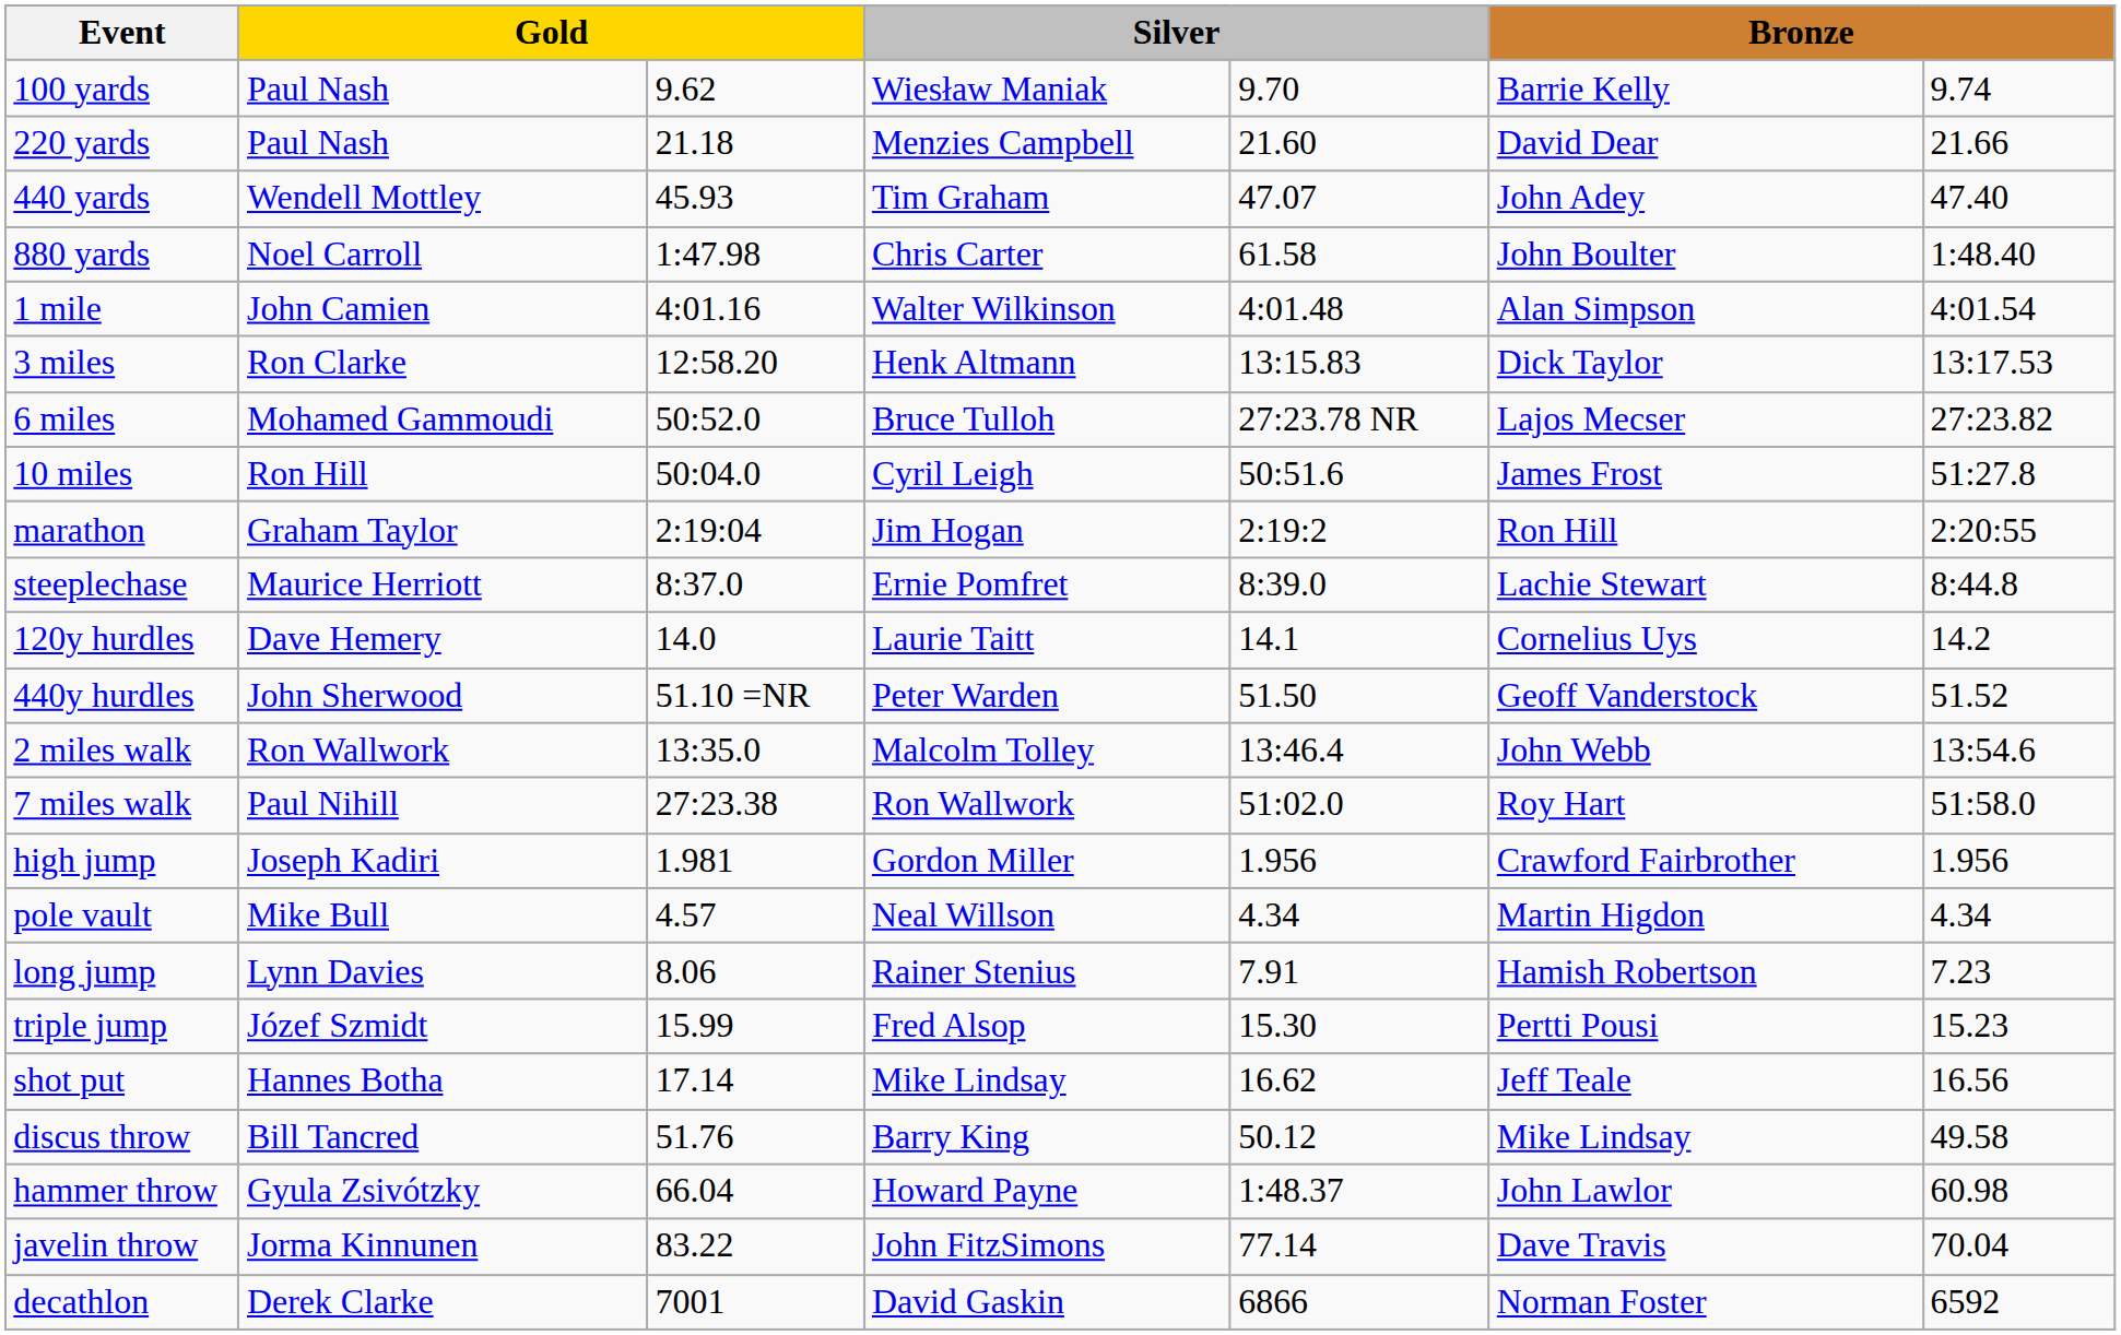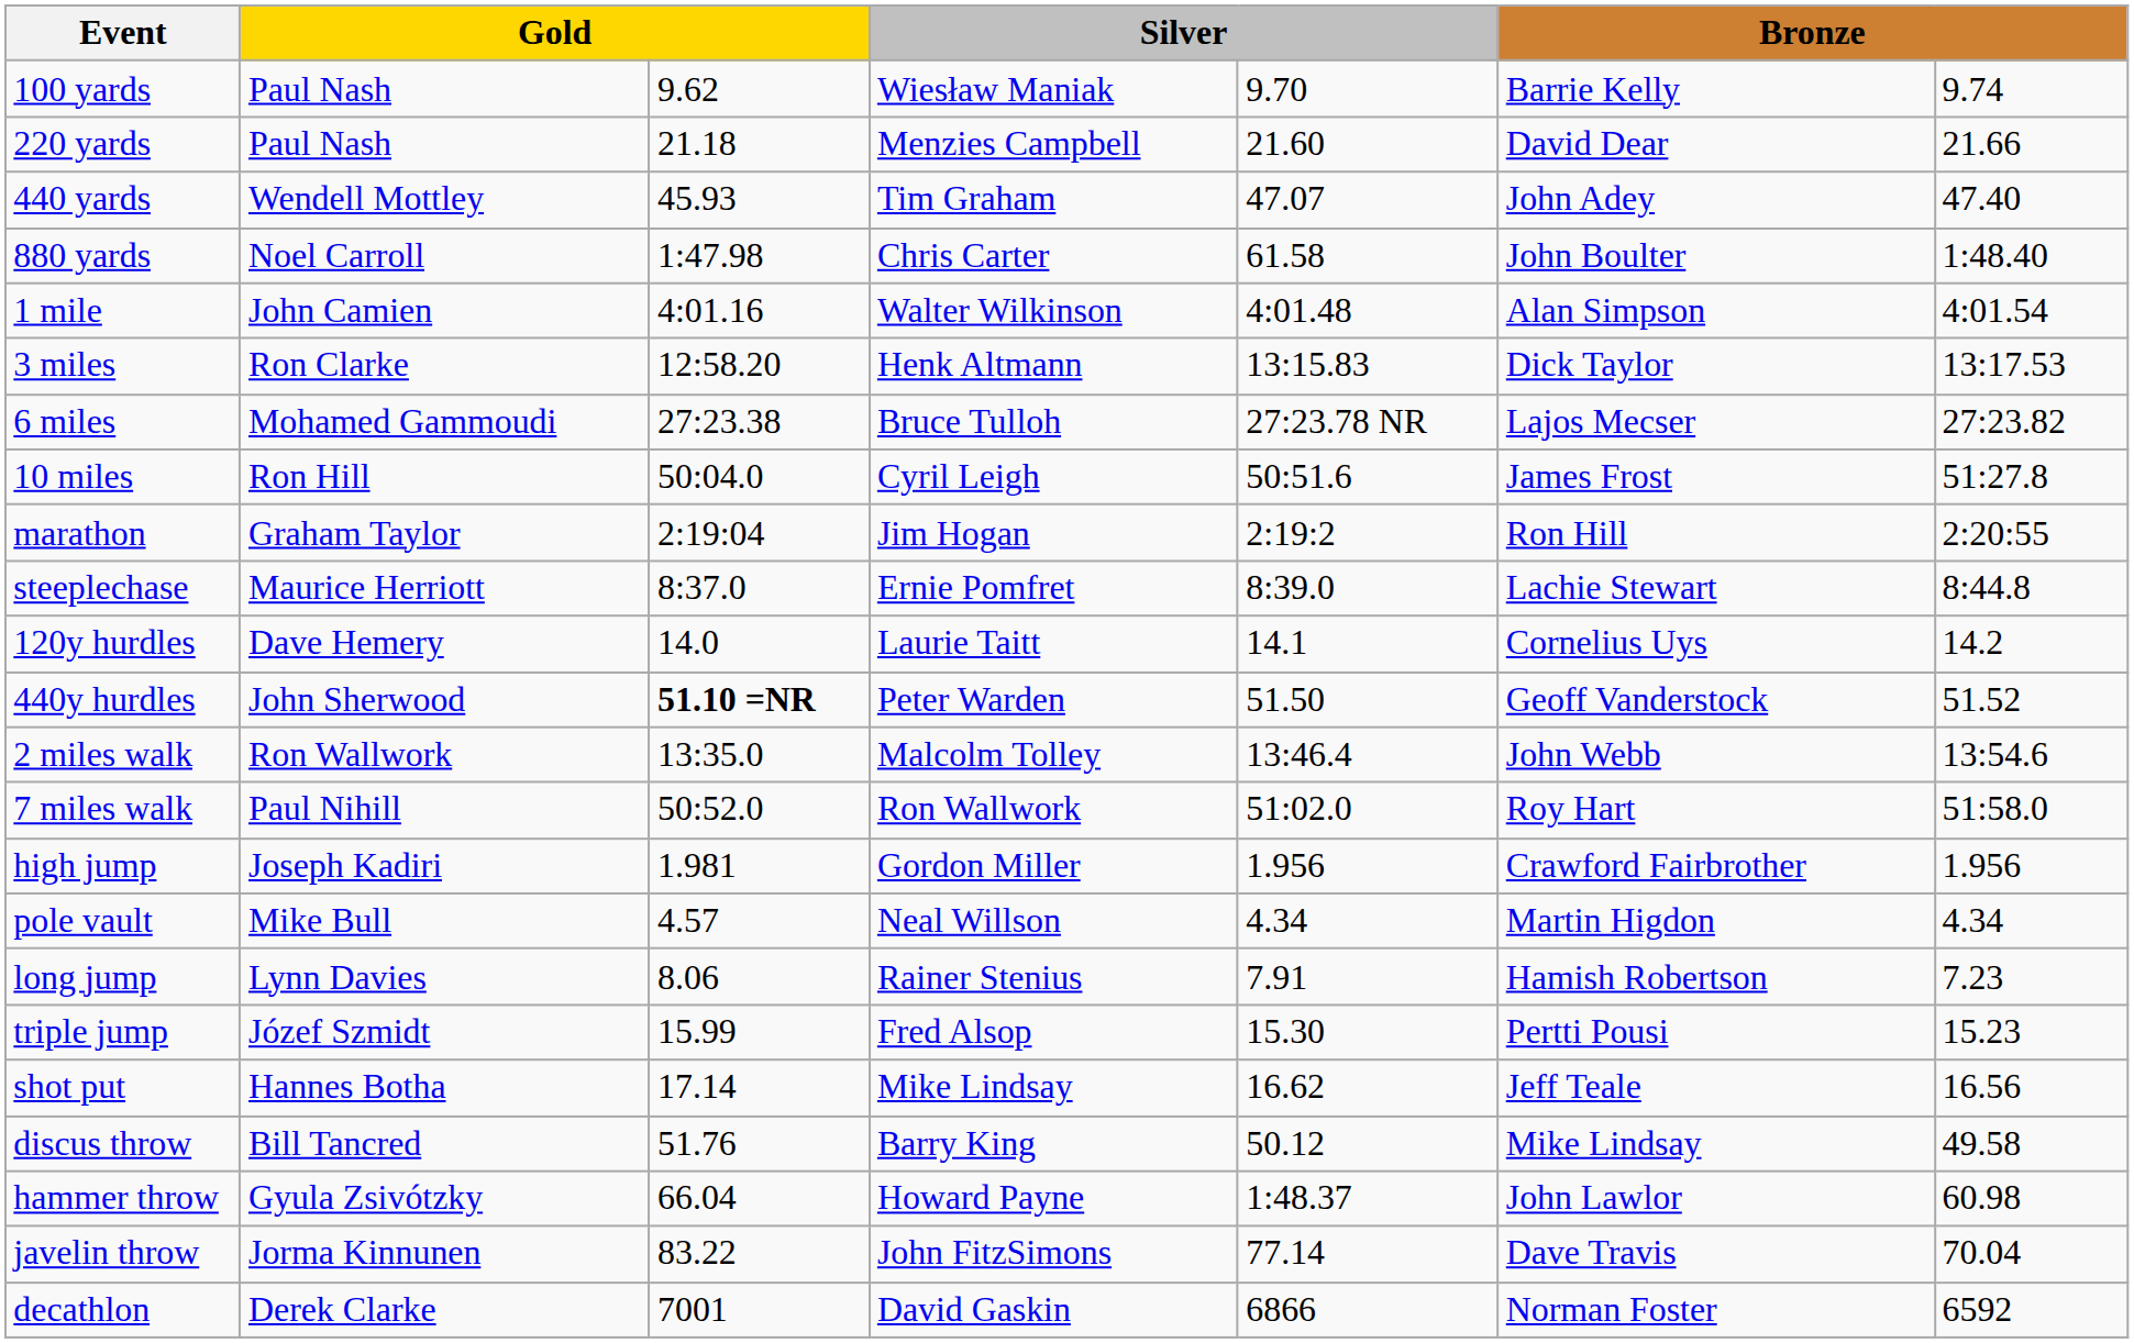 <table class="wikitable" style="text-align:left">
 <tr>
 <th width=100>Event</th>
 <th colspan="2" width="280" style="background:gold;">Gold</th>
 <th colspan="2" width="280" style="background:silver;">Silver</th>
 <th colspan="2" width="280" style="background:#CD7F32;">Bronze</th>
 </tr>
 <tr>
 <td><a href='#'>100 yards</a></td>
 <td> <a href='#'>Paul Nash</a></td>
 <td>9.62</td>
 <td> <a href='#'>Wiesław Maniak</a></td>
 <td>9.70</td>
 <td><a href='#'>Barrie Kelly</a></td>
 <td>9.74</td>
 </tr>
 <tr>
 <td><a href='#'>220 yards</a></td>
 <td> <a href='#'>Paul Nash</a></td>
 <td>21.18</td>
 <td> <a href='#'>Menzies Campbell</a></td>
 <td>21.60</td>
 <td><a href='#'>David Dear</a></td>
 <td>21.66</td>
 </tr>
 <tr>
 <td><a href='#'>440 yards</a></td>
 <td> <a href='#'>Wendell Mottley</a></td>
 <td>45.93</td>
 <td><a href='#'>Tim Graham</a></td>
 <td>47.07</td>
 <td><a href='#'>John Adey</a></td>
 <td>47.40</td>
 </tr>
 <tr>
 <td><a href='#'>880 yards</a></td>
 <td> <a href='#'>Noel Carroll</a></td>
 <td>1:47.98</td>
 <td><a href='#'>Chris Carter</a></td>
 <td>61.58</td>
 <td><a href='#'>John Boulter</a></td>
 <td>1:48.40</td>
 </tr>
 <tr>
 <td><a href='#'>1 mile</a></td>
 <td> <a href='#'>John Camien</a></td>
 <td>4:01.16</td>
 <td><a href='#'>Walter Wilkinson</a></td>
 <td>4:01.48</td>
 <td><a href='#'>Alan Simpson</a></td>
 <td>4:01.54</td>
 </tr>
 <tr>
 <td><a href='#'>3 miles</a></td>
 <td> <a href='#'>Ron Clarke</a></td>
 <td>12:58.20</td>
 <td> <a href='#'>Henk Altmann</a></td>
 <td>13:15.83</td>
 <td><a href='#'>Dick Taylor</a></td>
 <td>13:17.53</td>
 </tr>
 <tr>
 <td><a href='#'>6 miles</a></td>
 <td> <a href='#'>Mohamed Gammoudi</a></td>
-<td>50:52.0</td>
+<td>27:23.38</td>
 <td><a href='#'>Bruce Tulloh</a></td>
 <td>27:23.78 NR</td>
 <td> <a href='#'>Lajos Mecser</a></td>
 <td>27:23.82</td>
 </tr>
 <tr>
 <td><a href='#'>10 miles</a></td>
 <td><a href='#'>Ron Hill</a></td>
 <td>50:04.0</td>
 <td><a href='#'>Cyril Leigh</a></td>
 <td>50:51.6</td>
 <td><a href='#'>James Frost</a></td>
 <td>51:27.8</td>
 </tr>
 <tr>
 <td><a href='#'>marathon</a></td>
 <td><a href='#'>Graham Taylor</a></td>
 <td>2:19:04</td>
 <td><a href='#'>Jim Hogan</a></td>
 <td>2:19:2</td>
 <td><a href='#'>Ron Hill</a></td>
 <td>2:20:55</td>
 </tr>
 <tr>
 <td><a href='#'>steeplechase</a></td>
 <td><a href='#'>Maurice Herriott</a></td>
 <td>8:37.0</td>
 <td><a href='#'>Ernie Pomfret</a></td>
 <td>8:39.0</td>
 <td> <a href='#'>Lachie Stewart</a></td>
 <td>8:44.8</td>
 </tr>
 <tr>
 <td><a href='#'>120y hurdles</a></td>
 <td><a href='#'>Dave Hemery</a></td>
 <td>14.0</td>
 <td><a href='#'>Laurie Taitt</a></td>
 <td>14.1</td>
 <td> <a href='#'>Cornelius Uys</a></td>
 <td>14.2</td>
 </tr>
 <tr>
 <td><a href='#'>440y hurdles</a></td>
 <td><a href='#'>John Sherwood</a></td>
-<td>51.10 =NR</td>
+<td><strong>51.10 =NR</strong></td>
 <td><a href='#'>Peter Warden</a></td>
 <td>51.50</td>
 <td> <a href='#'>Geoff Vanderstock</a></td>
 <td>51.52</td>
 </tr>
 <tr>
 <td><a href='#'>2 miles walk</a></td>
 <td><a href='#'>Ron Wallwork</a></td>
 <td>13:35.0</td>
 <td><a href='#'>Malcolm Tolley</a></td>
 <td>13:46.4</td>
 <td><a href='#'>John Webb</a></td>
 <td>13:54.6</td>
 </tr>
 <tr>
 <td><a href='#'>7 miles walk</a></td>
 <td><a href='#'>Paul Nihill</a></td>
-<td>27:23.38</td>
+<td>50:52.0</td>
 <td><a href='#'>Ron Wallwork</a></td>
 <td>51:02.0</td>
 <td><a href='#'>Roy Hart</a></td>
 <td>51:58.0</td>
 </tr>
 <tr>
 <td><a href='#'>high jump</a></td>
 <td> <a href='#'>Joseph Kadiri</a></td>
 <td>1.981</td>
 <td><a href='#'>Gordon Miller</a></td>
 <td>1.956</td>
 <td> <a href='#'>Crawford Fairbrother</a></td>
 <td>1.956</td>
 </tr>
 <tr>
 <td><a href='#'>pole vault</a></td>
 <td> <a href='#'>Mike Bull</a></td>
 <td>4.57</td>
 <td><a href='#'>Neal Willson</a></td>
 <td>4.34</td>
 <td><a href='#'>Martin Higdon</a></td>
 <td>4.34</td>
 </tr>
 <tr>
 <td><a href='#'>long jump</a></td>
 <td> <a href='#'>Lynn Davies</a></td>
 <td>8.06</td>
 <td> <a href='#'>Rainer Stenius</a></td>
 <td>7.91</td>
 <td> <a href='#'>Hamish Robertson</a></td>
 <td>7.23</td>
 </tr>
 <tr>
 <td><a href='#'>triple jump</a></td>
 <td> <a href='#'>Józef Szmidt</a></td>
 <td>15.99</td>
 <td><a href='#'>Fred Alsop</a></td>
 <td>15.30</td>
 <td> <a href='#'>Pertti Pousi</a></td>
 <td>15.23</td>
 </tr>
 <tr>
 <td><a href='#'>shot put</a></td>
 <td> <a href='#'>Hannes Botha</a></td>
 <td>17.14</td>
 <td> <a href='#'>Mike Lindsay</a></td>
 <td>16.62</td>
 <td><a href='#'>Jeff Teale</a></td>
 <td>16.56</td>
 </tr>
 <tr>
 <td><a href='#'>discus throw</a></td>
 <td><a href='#'>Bill Tancred</a></td>
 <td>51.76</td>
 <td><a href='#'>Barry King</a></td>
 <td>50.12</td>
 <td> <a href='#'>Mike Lindsay</a></td>
 <td>49.58</td>
 </tr>
 <tr>
 <td><a href='#'>hammer throw</a></td>
 <td> <a href='#'>Gyula Zsivótzky</a></td>
 <td>66.04</td>
 <td><a href='#'>Howard Payne</a></td>
 <td>1:48.37</td>
 <td><a href='#'>John Lawlor</a></td>
 <td>60.98</td>
 </tr>
 <tr>
 <td><a href='#'>javelin throw</a></td>
 <td> <a href='#'>Jorma Kinnunen</a></td>
 <td>83.22</td>
 <td><a href='#'>John FitzSimons</a></td>
 <td>77.14</td>
 <td><a href='#'>Dave Travis</a></td>
 <td>70.04</td>
 </tr>
 <tr>
 <td><a href='#'>decathlon</a></td>
 <td><a href='#'>Derek Clarke</a></td>
 <td>7001</td>
 <td><a href='#'>David Gaskin</a></td>
 <td>6866</td>
 <td> <a href='#'>Norman Foster</a></td>
 <td>6592</td>
 </tr>
 </table>
